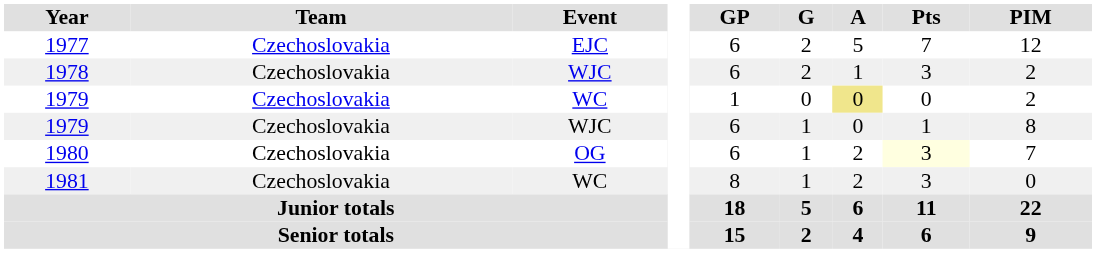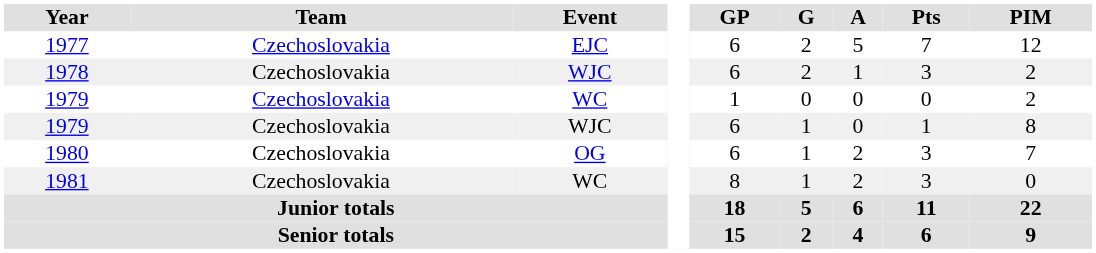 <table border="0" cellpadding="1" cellspacing="0" style="text-align:center; width:50em">
 <tr ALIGN="center" bgcolor="#e0e0e0">
 <th>Year</th>
 <th>Team</th>
 <th>Event</th>
 <th rowspan="99" bgcolor="#ffffff"> </th>
 <th>GP</th>
 <th>G</th>
 <th>A</th>
 <th>Pts</th>
 <th>PIM</th>
 </tr>
 <tr>
 <td><a href='#'>1977</a></td>
 <td><a href='#'>Czechoslovakia</a></td>
 <td><a href='#'>EJC</a></td>
 <td>6</td>
 <td>2</td>
 <td>5</td>
 <td>7</td>
 <td>12</td>
 </tr>
 <tr bgcolor="#f0f0f0">
 <td><a href='#'>1978</a></td>
 <td>Czechoslovakia</td>
 <td><a href='#'>WJC</a></td>
 <td>6</td>
 <td>2</td>
 <td>1</td>
 <td>3</td>
 <td>2</td>
 </tr>
 <tr>
 <td><a href='#'>1979</a></td>
 <td><a href='#'>Czechoslovakia</a></td>
 <td><a href='#'>WC</a></td>
 <td>1</td>
 <td>0</td>
-<td style="background: khaki;">0</td>
+<td>0</td>
 <td>0</td>
 <td>2</td>
 </tr>
 <tr bgcolor="#f0f0f0">
 <td><a href='#'>1979</a></td>
 <td>Czechoslovakia</td>
 <td>WJC</td>
 <td>6</td>
 <td>1</td>
 <td>0</td>
 <td>1</td>
 <td>8</td>
 </tr>
 <tr>
 <td><a href='#'>1980</a></td>
 <td>Czechoslovakia</td>
 <td><a href='#'>OG</a></td>
 <td>6</td>
 <td>1</td>
 <td>2</td>
-<td style="background: lightyellow;">3</td>
+<td>3</td>
 <td>7</td>
 </tr>
 <tr bgcolor="#f0f0f0">
 <td><a href='#'>1981</a></td>
 <td>Czechoslovakia</td>
 <td>WC</td>
 <td>8</td>
 <td>1</td>
 <td>2</td>
 <td>3</td>
 <td>0</td>
 </tr>
 <tr bgcolor="#e0e0e0">
 <th colspan=3>Junior totals</th>
 <th>18</th>
 <th>5</th>
 <th>6</th>
 <th>11</th>
 <th>22</th>
 </tr>
 <tr bgcolor="#e0e0e0">
 <th colspan=3>Senior totals</th>
 <th>15</th>
 <th>2</th>
 <th>4</th>
 <th>6</th>
 <th>9</th>
 </tr>
 </table>
